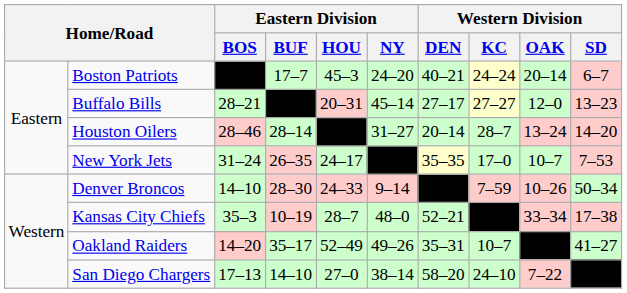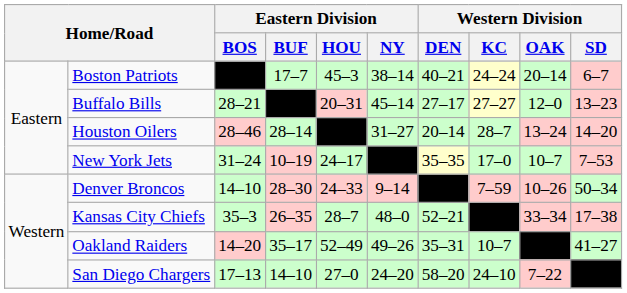 <table class="wikitable" style="font-size:95%; text-align:center">
 <tr>
 <th colspan="2" rowspan=2>Home/Road</th>
 <th colspan="4">Eastern Division</th>
 <th colspan="4">Western Division</th>
 </tr>
 <tr>
 <th><a href='#'>BOS</a></th>
 <th><a href='#'>BUF</a></th>
 <th><a href='#'>HOU</a></th>
 <th><a href='#'>NY</a></th>
 <th><a href='#'>DEN</a></th>
 <th><a href='#'>KC</a></th>
 <th><a href='#'>OAK</a></th>
 <th><a href='#'>SD</a></th>
 </tr>
 <tr>
 <td rowspan="4">Eastern</td>
 <td align="left"><a href='#'>Boston Patriots</a></td>
 <td style="background:#000"></td>
 <td style="background:#cfc">17–7</td>
 <td style="background:#cfc">45–3</td>
-<td style="background:#cfc">24–20</td>
+<td style="background:#cfc">38–14</td>
 <td style="background:#cfc">40–21</td>
 <td style="background:#ffc">24–24</td>
 <td style="background:#cfc">20–14</td>
 <td style="background:#fcc">6–7</td>
 </tr>
 <tr>
 <td align="left"><a href='#'>Buffalo Bills</a></td>
 <td style="background:#cfc">28–21</td>
 <td style="background:#000"></td>
 <td style="background:#fcc">20–31</td>
 <td style="background:#cfc">45–14</td>
 <td style="background:#cfc">27–17</td>
 <td style="background:#ffc">27–27</td>
 <td style="background:#cfc">12–0</td>
 <td style="background:#fcc">13–23</td>
 </tr>
 <tr>
 <td align="left"><a href='#'>Houston Oilers</a></td>
 <td style="background:#fcc">28–46</td>
 <td style="background:#cfc">28–14</td>
 <td style="background:#000"></td>
 <td style="background:#cfc">31–27</td>
 <td style="background:#cfc">20–14</td>
 <td style="background:#cfc">28–7</td>
 <td style="background:#fcc">13–24</td>
 <td style="background:#fcc">14–20</td>
 </tr>
 <tr>
 <td align="left"><a href='#'>New York Jets</a></td>
 <td style="background:#cfc">31–24</td>
-<td style="background:#fcc">26–35</td>
+<td style="background:#fcc">10–19</td>
 <td style="background:#cfc">24–17</td>
 <td style="background:#000"></td>
 <td style="background:#ffc">35–35</td>
 <td style="background:#cfc">17–0</td>
 <td style="background:#cfc">10–7</td>
 <td style="background:#fcc">7–53</td>
 </tr>
 <tr>
 <td rowspan="4">Western</td>
 <td align="left"><a href='#'>Denver Broncos</a></td>
 <td style="background:#cfc">14–10</td>
 <td style="background:#fcc">28–30</td>
 <td style="background:#fcc">24–33</td>
 <td style="background:#fcc">9–14</td>
 <td style="background:#000"></td>
 <td style="background:#fcc">7–59</td>
 <td style="background:#fcc">10–26</td>
 <td style="background:#cfc">50–34</td>
 </tr>
 <tr>
 <td align="left"><a href='#'>Kansas City Chiefs</a></td>
 <td style="background:#cfc">35–3</td>
-<td style="background:#fcc">10–19</td>
+<td style="background:#fcc">26–35</td>
 <td style="background:#cfc">28–7</td>
 <td style="background:#cfc">48–0</td>
 <td style="background:#cfc">52–21</td>
 <td style="background:#000"></td>
 <td style="background:#fcc">33–34</td>
 <td style="background:#fcc">17–38</td>
 </tr>
 <tr>
 <td align="left"><a href='#'>Oakland Raiders</a></td>
 <td style="background:#fcc">14–20</td>
 <td style="background:#cfc">35–17</td>
 <td style="background:#cfc">52–49</td>
 <td style="background:#cfc">49–26</td>
 <td style="background:#cfc">35–31</td>
 <td style="background:#cfc">10–7</td>
 <td style="background:#000"></td>
 <td style="background:#cfc">41–27</td>
 </tr>
 <tr>
 <td align="left"><a href='#'>San Diego Chargers</a></td>
 <td style="background:#cfc">17–13</td>
 <td style="background:#cfc">14–10</td>
 <td style="background:#cfc">27–0</td>
-<td style="background:#cfc">38–14</td>
+<td style="background:#cfc">24–20</td>
 <td style="background:#cfc">58–20</td>
 <td style="background:#cfc">24–10</td>
 <td style="background:#fcc">7–22</td>
 <td style="background:#000"></td>
 </tr>
 </table>
